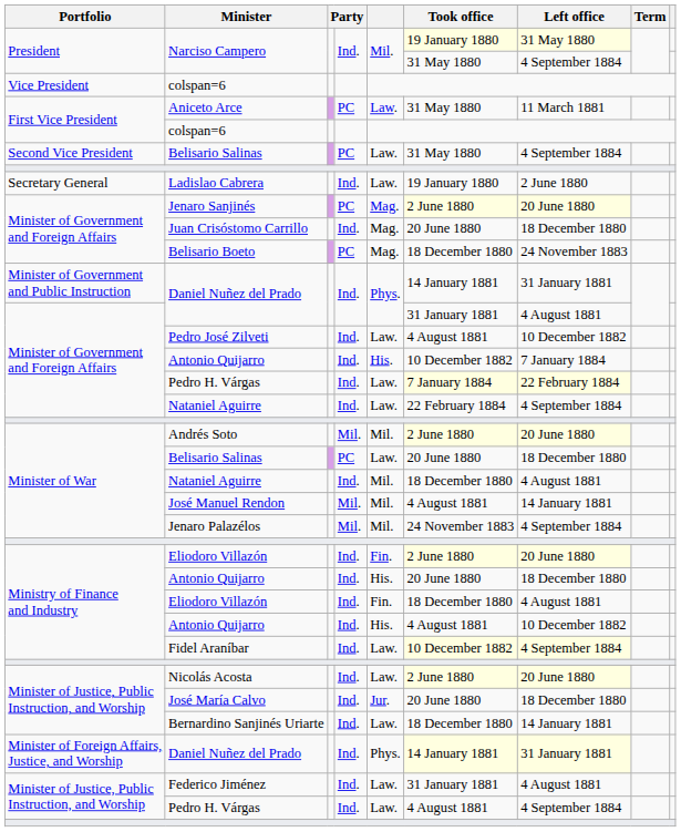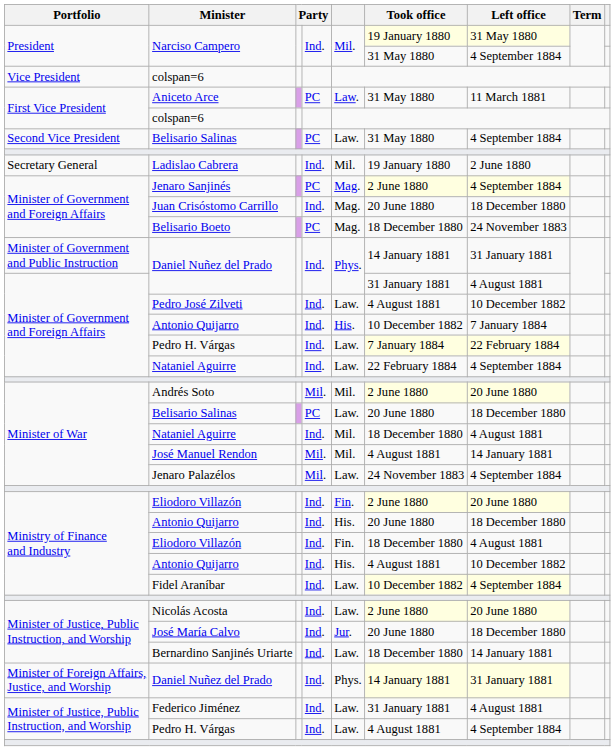 <table class="wikitable" style="font-size:90%;">
 <tr>
 <th>Portfolio</th>
 <th>Minister</th>
 <th colspan="2">Party</th>
 <th></th>
 <th>Took office</th>
 <th>Left office</th>
 <th>Term</th>
 <th></th>
 </tr>
 <tr>
 <td rowspan=2><a href='#'>President</a></td>
 <td rowspan=2><a href='#'>Narciso Campero</a></td>
 <td rowspan=2 style="background-color:"></td>
 <td rowspan=2><a href='#'>Ind</a>.</td>
 <td rowspan=2><a href='#'>Mil</a>.</td>
 <td style="background-color:#FFFFE0;">19 January 1880</td>
 <td style="background-color:#FFFFE0;">31 May 1880</td>
 <td rowspan=2></td>
 <td></td>
 </tr>
 <tr>
 <td>31 May 1880</td>
 <td>4 September 1884</td>
 <td></td>
 </tr>
 <tr>
 <td><a href='#'>Vice President</a></td>
 <td>colspan=6 </td>
 <td></td>
 <td></td>
 </tr>
 <tr>
 <td rowspan=2><a href='#'>First Vice President</a></td>
 <td><a href='#'>Aniceto Arce</a></td>
 <td style="background-color:#D99FE8;"></td>
 <td><a href='#'>PC</a></td>
 <td><a href='#'>Law</a>.</td>
 <td>31 May 1880</td>
 <td>11 March 1881</td>
 <td></td>
 <td></td>
 </tr>
 <tr>
 <td>colspan=6 </td>
 <td></td>
 <td></td>
 </tr>
 <tr>
 <td><a href='#'>Second Vice President</a></td>
 <td><a href='#'>Belisario Salinas</a></td>
 <td style="background-color:#D99FE8;"></td>
 <td><a href='#'>PC</a></td>
 <td>Law.</td>
 <td>31 May 1880</td>
 <td>4 September 1884</td>
 <td></td>
 <td></td>
 </tr>
 <tr>
 <td colspan="9" bgcolor="#EAECF0"></td>
 </tr>
 <tr>
 <td>Secretary General</td>
 <td><a href='#'>Ladislao Cabrera</a></td>
 <td style="background-color:"></td>
 <td><a href='#'>Ind</a>.</td>
-<td>Law.</td>
+<td>Mil.</td>
 <td>19 January 1880</td>
 <td>2 June 1880</td>
 <td></td>
 <td></td>
 </tr>
 <tr>
 <td rowspan=3><a href='#'>Minister of Government<br>and Foreign Affairs</a></td>
 <td><a href='#'>Jenaro Sanjinés</a></td>
 <td style="background-color:#D99FE8;"></td>
 <td><a href='#'>PC</a></td>
 <td><a href='#'>Mag</a>.</td>
 <td style="background-color:#FFFFE0;">2 June 1880</td>
-<td style="background-color:#FFFFE0;">20 June 1880</td>
+<td style="background-color:#FFFFE0;">4 September 1884</td>
 <td></td>
 <td></td>
 </tr>
 <tr>
 <td><a href='#'>Juan Crisóstomo Carrillo</a></td>
 <td style="background-color:"></td>
 <td><a href='#'>Ind</a>.</td>
 <td>Mag.</td>
 <td>20 June 1880</td>
 <td>18 December 1880</td>
 <td></td>
 <td></td>
 </tr>
 <tr>
 <td><a href='#'>Belisario Boeto</a></td>
 <td style="background-color:#D99FE8;"></td>
 <td><a href='#'>PC</a></td>
 <td>Mag.</td>
 <td>18 December 1880</td>
 <td>24 November 1883</td>
 <td></td>
 <td></td>
 </tr>
 <tr>
 <td><a href='#'>Minister of Government<br>and Public Instruction</a></td>
 <td rowspan=2><a href='#'>Daniel Nuñez del Prado</a></td>
 <td rowspan=2 style="background-color:"></td>
 <td rowspan=2><a href='#'>Ind</a>.</td>
 <td rowspan=2><a href='#'>Phys</a>.</td>
 <td>14 January 1881</td>
 <td>31 January 1881</td>
 <td rowspan=2></td>
 <td></td>
 </tr>
 <tr>
 <td rowspan=5><a href='#'>Minister of Government<br>and Foreign Affairs</a></td>
 <td>31 January 1881</td>
 <td>4 August 1881</td>
 <td></td>
 </tr>
 <tr>
 <td><a href='#'>Pedro José Zilveti</a></td>
 <td style="background-color:"></td>
 <td><a href='#'>Ind</a>.</td>
 <td>Law.</td>
 <td>4 August 1881</td>
 <td>10 December 1882</td>
 <td></td>
 <td></td>
 </tr>
 <tr>
 <td><a href='#'>Antonio Quijarro</a></td>
 <td style="background-color:"></td>
 <td><a href='#'>Ind</a>.</td>
 <td><a href='#'>His</a>.</td>
 <td>10 December 1882</td>
 <td>7 January 1884</td>
 <td></td>
 <td></td>
 </tr>
 <tr>
 <td>Pedro H. Várgas</td>
 <td style="background-color:"></td>
 <td><a href='#'>Ind</a>.</td>
 <td>Law.</td>
 <td style="background-color:#FFFFE0;">7 January 1884</td>
 <td style="background-color:#FFFFE0;">22 February 1884</td>
 <td></td>
 <td></td>
 </tr>
 <tr>
 <td><a href='#'>Nataniel Aguirre</a></td>
 <td style="background-color:"></td>
 <td><a href='#'>Ind</a>.</td>
 <td>Law.</td>
 <td>22 February 1884</td>
 <td>4 September 1884</td>
 <td></td>
 <td></td>
 </tr>
 <tr>
 <td colspan="9" bgcolor="#EAECF0"></td>
 </tr>
 <tr>
 <td rowspan=5><a href='#'>Minister of War</a></td>
 <td>Andrés Soto</td>
 <td style="background-color:"></td>
 <td><a href='#'>Mil</a>.</td>
 <td>Mil.</td>
 <td style="background-color:#FFFFE0;">2 June 1880</td>
 <td style="background-color:#FFFFE0;">20 June 1880</td>
 <td></td>
 <td></td>
 </tr>
 <tr>
 <td><a href='#'>Belisario Salinas</a></td>
 <td style="background-color:#D99FE8;"></td>
 <td><a href='#'>PC</a></td>
 <td>Law.</td>
 <td>20 June 1880</td>
 <td>18 December 1880</td>
 <td></td>
 <td></td>
 </tr>
 <tr>
 <td><a href='#'>Nataniel Aguirre</a></td>
 <td style="background-color:"></td>
 <td><a href='#'>Ind</a>.</td>
 <td>Mil.</td>
 <td>18 December 1880</td>
 <td>4 August 1881</td>
 <td></td>
 <td></td>
 </tr>
 <tr>
 <td><a href='#'>José Manuel Rendon</a></td>
 <td style="background-color:"></td>
 <td><a href='#'>Mil</a>.</td>
 <td>Mil.</td>
 <td>4 August 1881</td>
 <td>14 January 1881</td>
 <td></td>
 <td></td>
 </tr>
 <tr>
 <td>Jenaro Palazélos</td>
 <td style="background-color:"></td>
 <td><a href='#'>Mil</a>.</td>
-<td>Mil.</td>
+<td>Law.</td>
 <td>24 November 1883</td>
 <td>4 September 1884</td>
 <td></td>
 <td></td>
 </tr>
 <tr>
 <td colspan="9" bgcolor="#EAECF0"></td>
 </tr>
 <tr>
 <td rowspan=5><a href='#'>Ministry of Finance<br>and Industry</a></td>
 <td><a href='#'>Eliodoro Villazón</a></td>
 <td style="background-color:"></td>
 <td><a href='#'>Ind</a>.</td>
 <td><a href='#'>Fin</a>.</td>
 <td style="background-color:#FFFFE0;">2 June 1880</td>
 <td style="background-color:#FFFFE0;">20 June 1880</td>
 <td></td>
 <td></td>
 </tr>
 <tr>
 <td><a href='#'>Antonio Quijarro</a></td>
 <td style="background-color:"></td>
 <td><a href='#'>Ind</a>.</td>
 <td>His.</td>
 <td>20 June 1880</td>
 <td>18 December 1880</td>
 <td></td>
 <td></td>
 </tr>
 <tr>
 <td><a href='#'>Eliodoro Villazón</a></td>
 <td style="background-color:"></td>
 <td><a href='#'>Ind</a>.</td>
 <td>Fin.</td>
 <td>18 December 1880</td>
 <td>4 August 1881</td>
 <td></td>
 <td></td>
 </tr>
 <tr>
 <td><a href='#'>Antonio Quijarro</a></td>
 <td style="background-color:"></td>
 <td><a href='#'>Ind</a>.</td>
 <td>His.</td>
 <td>4 August 1881</td>
 <td>10 December 1882</td>
 <td></td>
 <td></td>
 </tr>
 <tr>
 <td>Fidel Araníbar</td>
 <td style="background-color:"></td>
 <td><a href='#'>Ind</a>.</td>
 <td>Law.</td>
 <td style="background-color:#FFFFE0;">10 December 1882</td>
 <td style="background-color:#FFFFE0;">4 September 1884</td>
 <td></td>
 <td></td>
 </tr>
 <tr>
 <td colspan="9" bgcolor="#EAECF0"></td>
 </tr>
 <tr>
 <td rowspan=3><a href='#'>Minister of Justice, Public<br>Instruction, and Worship</a></td>
 <td>Nicolás Acosta</td>
 <td style="background-color:"></td>
 <td><a href='#'>Ind</a>.</td>
 <td>Law.</td>
 <td style="background-color:#FFFFE0;">2 June 1880</td>
 <td style="background-color:#FFFFE0;">20 June 1880</td>
 <td></td>
 <td></td>
 </tr>
 <tr>
 <td><a href='#'>José María Calvo</a></td>
 <td style="background-color:"></td>
 <td><a href='#'>Ind</a>.</td>
 <td><a href='#'>Jur</a>.</td>
 <td>20 June 1880</td>
 <td>18 December 1880</td>
 <td></td>
 <td></td>
 </tr>
 <tr>
 <td>Bernardino Sanjinés Uriarte</td>
 <td style="background-color:"></td>
 <td><a href='#'>Ind</a>.</td>
 <td>Law.</td>
 <td>18 December 1880</td>
 <td>14 January 1881</td>
 <td></td>
 <td></td>
 </tr>
 <tr>
 <td><a href='#'>Minister of Foreign Affairs,<br>Justice, and Worship</a></td>
 <td><a href='#'>Daniel Nuñez del Prado</a></td>
 <td style="background-color:"></td>
 <td><a href='#'>Ind</a>.</td>
 <td>Phys.</td>
 <td style="background-color:#FFFFE0;">14 January 1881</td>
 <td style="background-color:#FFFFE0;">31 January 1881</td>
 <td></td>
 <td></td>
 </tr>
 <tr>
 <td rowspan=2><a href='#'>Minister of Justice, Public<br>Instruction, and Worship</a></td>
 <td>Federico Jiménez</td>
 <td style="background-color:"></td>
 <td><a href='#'>Ind</a>.</td>
 <td>Law.</td>
 <td>31 January 1881</td>
 <td>4 August 1881</td>
 <td></td>
 <td></td>
 </tr>
 <tr>
 <td>Pedro H. Várgas</td>
 <td style="background-color:"></td>
 <td><a href='#'>Ind</a>.</td>
 <td>Law.</td>
 <td>4 August 1881</td>
 <td>4 September 1884</td>
 <td></td>
 <td></td>
 </tr>
 <tr>
 <td colspan="9" bgcolor="#EAECF0"></td>
 </tr>
 </table>
